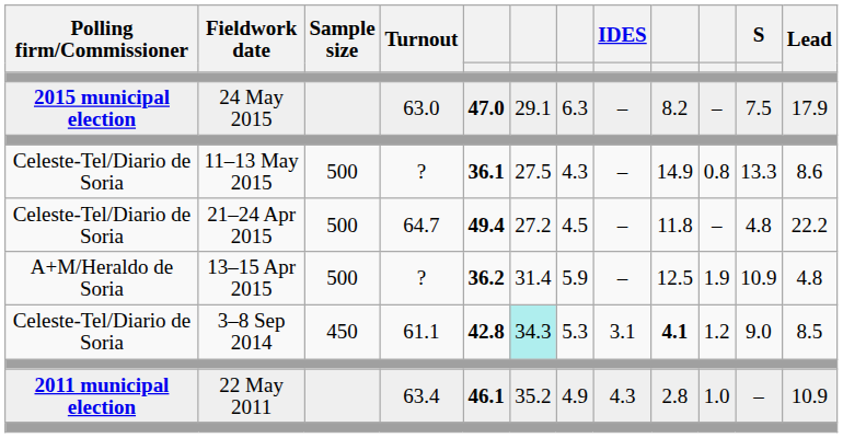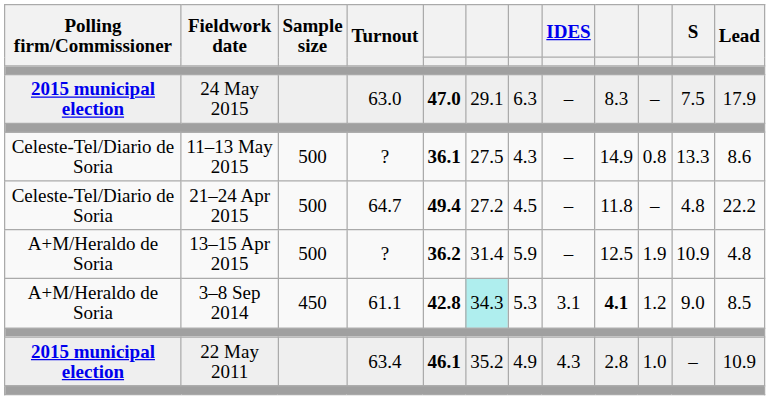 <table class="wikitable collapsible collapsed" style="text-align:center; font-size:95%; line-height:16px;">
 <tr style="height:42px;">
 <th style="width:250px;" rowspan="2">Polling firm/Commissioner</th>
 <th style="width:125px;" rowspan="2">Fieldwork date</th>
 <th style="width:50px;" rowspan="2">Sample size</th>
 <th style="width:45px;" rowspan="2">Turnout</th>
 <th style="width:35px;"></th>
 <th style="width:35px;"></th>
 <th style="width:35px;"></th>
 <th style="width:35px;"><a href='#'>IDES</a></th>
 <th style="width:35px;"></th>
 <th style="width:35px;"></th>
 <th style="width:35px;">S</th>
 <th style="width:30px;" rowspan="2">Lead</th>
 </tr>
 <tr>
 <th style="color:inherit;background:"></th>
 <th style="color:inherit;background:"></th>
 <th style="color:inherit;background:"></th>
 <th style="color:inherit;background:"></th>
 <th style="color:inherit;background:"></th>
 <th style="color:inherit;background:"></th>
 <th style="color:inherit;background:"></th>
 </tr>
 <tr>
 <td colspan="12" style="background:#A0A0A0"></td>
 </tr>
 <tr style="background:#EFEFEF;">
 <td><strong><a href='#'>2015 municipal election</a></strong></td>
 <td>24 May 2015</td>
 <td></td>
 <td>63.0</td>
 <td><strong>47.0</strong><br></td>
 <td>29.1<br></td>
 <td>6.3<br></td>
 <td>–</td>
-<td>8.2<br></td>
+<td>8.3<br></td>
 <td>–</td>
 <td>7.5<br></td>
 <td style="background:">17.9</td>
 </tr>
 <tr>
 <td colspan="12" style="background:#A0A0A0"></td>
 </tr>
 <tr>
 <td>Celeste-Tel/Diario de Soria</td>
 <td>11–13 May 2015</td>
 <td>500</td>
 <td>?</td>
 <td><strong>36.1</strong><br></td>
 <td>27.5<br></td>
 <td>4.3<br></td>
 <td>–</td>
 <td>14.9<br></td>
 <td>0.8<br></td>
 <td>13.3<br></td>
 <td style="background:">8.6</td>
 </tr>
 <tr>
 <td>Celeste-Tel/Diario de Soria</td>
 <td>21–24 Apr 2015</td>
 <td>500</td>
 <td>64.7</td>
 <td><strong>49.4</strong><br></td>
 <td>27.2<br></td>
 <td>4.5<br></td>
 <td>–</td>
 <td>11.8<br></td>
 <td>–</td>
 <td>4.8<br></td>
 <td style="background:">22.2</td>
 </tr>
 <tr>
 <td>A+M/Heraldo de Soria</td>
 <td>13–15 Apr 2015</td>
 <td>500</td>
 <td>?</td>
 <td><strong>36.2</strong><br></td>
 <td>31.4<br></td>
 <td>5.9<br></td>
 <td>–</td>
 <td>12.5<br></td>
 <td>1.9<br></td>
 <td>10.9<br></td>
 <td style="background:">4.8</td>
 </tr>
 <tr>
-<td>Celeste-Tel/Diario de Soria</td>
+<td>A+M/Heraldo de Soria</td>
 <td>3–8 Sep 2014</td>
 <td>450</td>
 <td>61.1</td>
 <td><strong>42.8</strong><br></td>
 <td style="background: paleturquoise;">34.3<br></td>
 <td>5.3<br></td>
 <td>3.1<br></td>
 <td><strong>4.1<br></strong></td>
 <td>1.2<br></td>
 <td>9.0<br></td>
 <td style="background:">8.5</td>
 </tr>
 <tr>
 <td colspan="12" style="background:#A0A0A0"></td>
 </tr>
 <tr style="background:#EFEFEF;">
-<td><strong><a href='#'>2011 municipal election</a></strong></td>
+<td><strong><a href='#'>2015 municipal election</a></strong></td>
 <td>22 May 2011</td>
 <td></td>
 <td>63.4</td>
 <td><strong>46.1</strong><br></td>
 <td>35.2<br></td>
 <td>4.9<br></td>
 <td>4.3<br></td>
 <td>2.8<br></td>
 <td>1.0<br></td>
 <td>–</td>
 <td style="background:">10.9</td>
 </tr>
 <tr>
 <td colspan="12" style="background:#A0A0A0"></td>
 </tr>
 </table>
